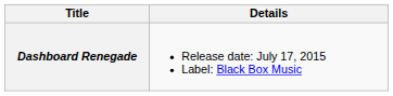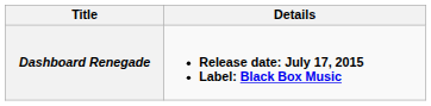 <table class="wikitable plainrowheaders">
 <tr>
 <th style="width:12em;">Title</th>
 <th style="width:20em;">Details</th>
 </tr>
 <tr>
 <th scope="row"><em>Dashboard Renegade</em></th>
-<td><br><ul><li>Release date: July 17, 2015</li><li>Label: <a href='#'>Black Box Music</a></li></ul></td>
+<td><strong><br><ul><li>Release date: July 17, 2015</li><li>Label: <a href='#'>Black Box Music</a></li></ul></strong></td>
 </tr>
 </table>
